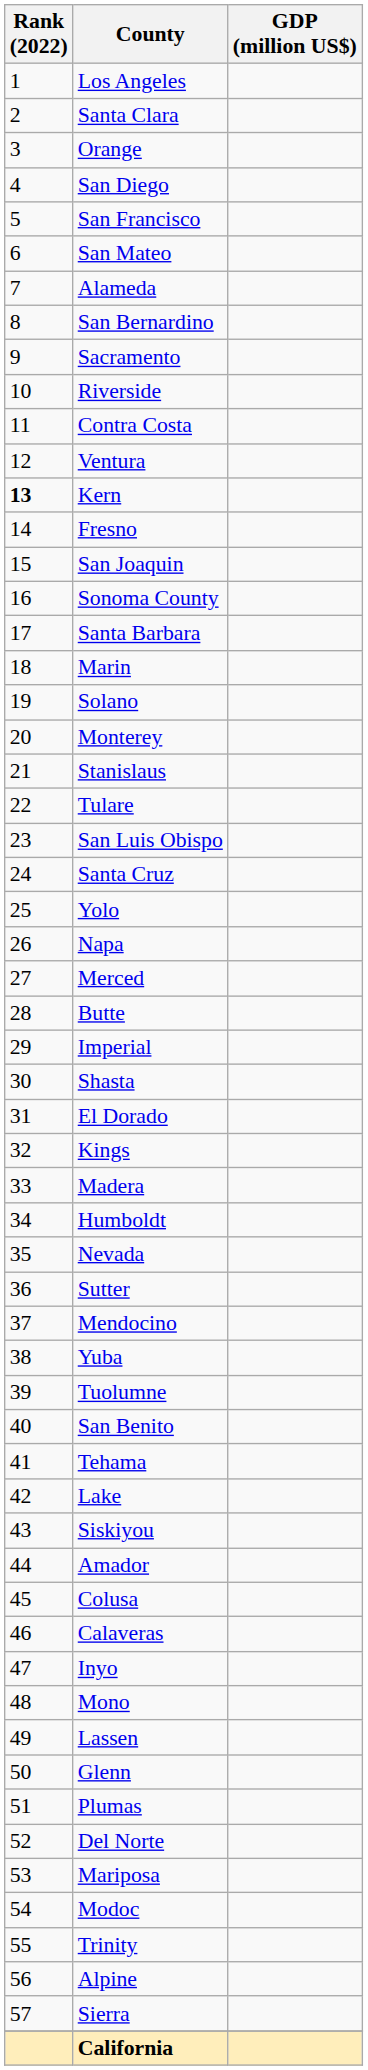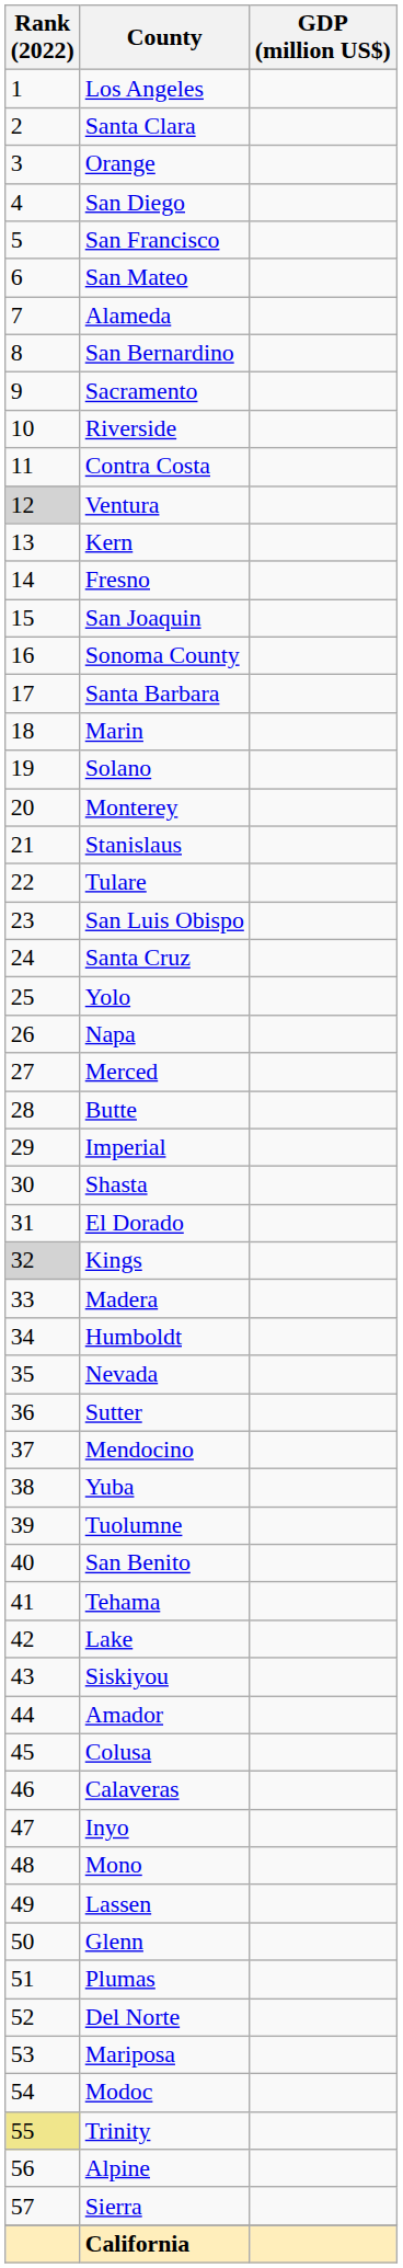 <table class="wikitable">
 <tr>
 <th>Rank<br>(2022)</th>
 <th>County</th>
 <th>GDP<br>(million US$)</th>
 </tr>
 <tr>
 <td>1</td>
 <td><a href='#'>Los Angeles</a></td>
 <td></td>
 </tr>
 <tr>
 <td>2</td>
 <td><a href='#'>Santa Clara</a></td>
 <td></td>
 </tr>
 <tr>
 <td>3</td>
 <td><a href='#'>Orange</a></td>
 <td></td>
 </tr>
 <tr>
 <td>4</td>
 <td><a href='#'>San Diego</a></td>
 <td></td>
 </tr>
 <tr>
 <td>5</td>
 <td><a href='#'>San Francisco</a></td>
 <td></td>
 </tr>
 <tr>
 <td>6</td>
 <td><a href='#'>San Mateo</a></td>
 <td></td>
 </tr>
 <tr>
 <td>7</td>
 <td><a href='#'>Alameda</a></td>
 <td></td>
 </tr>
 <tr>
 <td>8</td>
 <td><a href='#'>San Bernardino</a></td>
 <td></td>
 </tr>
 <tr>
 <td>9</td>
 <td><a href='#'>Sacramento</a></td>
 <td></td>
 </tr>
 <tr>
 <td>10</td>
 <td><a href='#'>Riverside</a></td>
 <td></td>
 </tr>
 <tr>
 <td>11</td>
 <td><a href='#'>Contra Costa</a></td>
 <td></td>
 </tr>
 <tr>
-<td>12</td>
+<td style="background: lightgrey;">12</td>
 <td><a href='#'>Ventura</a></td>
 <td></td>
 </tr>
 <tr>
-<td><strong>13</strong></td>
+<td>13</td>
 <td><a href='#'>Kern</a></td>
 <td></td>
 </tr>
 <tr>
 <td>14</td>
 <td><a href='#'>Fresno</a></td>
 <td></td>
 </tr>
 <tr>
 <td>15</td>
 <td><a href='#'>San Joaquin</a></td>
 <td></td>
 </tr>
 <tr>
 <td>16</td>
 <td><a href='#'>Sonoma County</a></td>
 <td></td>
 </tr>
 <tr>
 <td>17</td>
 <td><a href='#'>Santa Barbara</a></td>
 <td></td>
 </tr>
 <tr>
 <td>18</td>
 <td><a href='#'>Marin</a></td>
 <td></td>
 </tr>
 <tr>
 <td>19</td>
 <td><a href='#'>Solano</a></td>
 <td></td>
 </tr>
 <tr>
 <td>20</td>
 <td><a href='#'>Monterey</a></td>
 <td></td>
 </tr>
 <tr>
 <td>21</td>
 <td><a href='#'>Stanislaus</a></td>
 <td></td>
 </tr>
 <tr>
 <td>22</td>
 <td><a href='#'>Tulare</a></td>
 <td></td>
 </tr>
 <tr>
 <td>23</td>
 <td><a href='#'>San Luis Obispo</a></td>
 <td></td>
 </tr>
 <tr>
 <td>24</td>
 <td><a href='#'>Santa Cruz</a></td>
 <td></td>
 </tr>
 <tr>
 <td>25</td>
 <td><a href='#'>Yolo</a></td>
 <td></td>
 </tr>
 <tr>
 <td>26</td>
 <td><a href='#'>Napa</a></td>
 <td></td>
 </tr>
 <tr>
 <td>27</td>
 <td><a href='#'>Merced</a></td>
 <td></td>
 </tr>
 <tr>
 <td>28</td>
 <td><a href='#'>Butte</a></td>
 <td></td>
 </tr>
 <tr>
 <td>29</td>
 <td><a href='#'>Imperial</a></td>
 <td></td>
 </tr>
 <tr>
 <td>30</td>
 <td><a href='#'>Shasta</a></td>
 <td></td>
 </tr>
 <tr>
 <td>31</td>
 <td><a href='#'>El Dorado</a></td>
 <td></td>
 </tr>
 <tr>
-<td>32</td>
+<td style="background: lightgrey;">32</td>
 <td><a href='#'>Kings</a></td>
 <td></td>
 </tr>
 <tr>
 <td>33</td>
 <td><a href='#'>Madera</a></td>
 <td></td>
 </tr>
 <tr>
 <td>34</td>
 <td><a href='#'>Humboldt</a></td>
 <td></td>
 </tr>
 <tr>
 <td>35</td>
 <td><a href='#'>Nevada</a></td>
 <td></td>
 </tr>
 <tr>
 <td>36</td>
 <td><a href='#'>Sutter</a></td>
 <td></td>
 </tr>
 <tr>
 <td>37</td>
 <td><a href='#'>Mendocino</a></td>
 <td></td>
 </tr>
 <tr>
 <td>38</td>
 <td><a href='#'>Yuba</a></td>
 <td></td>
 </tr>
 <tr>
 <td>39</td>
 <td><a href='#'>Tuolumne</a></td>
 <td></td>
 </tr>
 <tr>
 <td>40</td>
 <td><a href='#'>San Benito</a></td>
 <td></td>
 </tr>
 <tr>
 <td>41</td>
 <td><a href='#'>Tehama</a></td>
 <td></td>
 </tr>
 <tr>
 <td>42</td>
 <td><a href='#'>Lake</a></td>
 <td></td>
 </tr>
 <tr>
 <td>43</td>
 <td><a href='#'>Siskiyou</a></td>
 <td></td>
 </tr>
 <tr>
 <td>44</td>
 <td><a href='#'>Amador</a></td>
 <td></td>
 </tr>
 <tr>
 <td>45</td>
 <td><a href='#'>Colusa</a></td>
 <td></td>
 </tr>
 <tr>
 <td>46</td>
 <td><a href='#'>Calaveras</a></td>
 <td></td>
 </tr>
 <tr>
 <td>47</td>
 <td><a href='#'>Inyo</a></td>
 <td></td>
 </tr>
 <tr>
 <td>48</td>
 <td><a href='#'>Mono</a></td>
 <td></td>
 </tr>
 <tr>
 <td>49</td>
 <td><a href='#'>Lassen</a></td>
 <td></td>
 </tr>
 <tr>
 <td>50</td>
 <td><a href='#'>Glenn</a></td>
 <td></td>
 </tr>
 <tr>
 <td>51</td>
 <td><a href='#'>Plumas</a></td>
 <td></td>
 </tr>
 <tr>
 <td>52</td>
 <td><a href='#'>Del Norte</a></td>
 <td></td>
 </tr>
 <tr>
 <td>53</td>
 <td><a href='#'>Mariposa</a></td>
 <td></td>
 </tr>
 <tr>
 <td>54</td>
 <td><a href='#'>Modoc</a></td>
 <td></td>
 </tr>
 <tr>
-<td>55</td>
+<td style="background: khaki;">55</td>
 <td><a href='#'>Trinity</a></td>
 <td></td>
 </tr>
 <tr>
 <td>56</td>
 <td><a href='#'>Alpine</a></td>
 <td></td>
 </tr>
 <tr>
 <td>57</td>
 <td><a href='#'>Sierra</a></td>
 <td></td>
 </tr>
 <tr>
 </tr>
 <tr style="background:#feb;">
 <td></td>
 <td><strong>California</strong></td>
 <td></td>
 </tr>
 </table>
